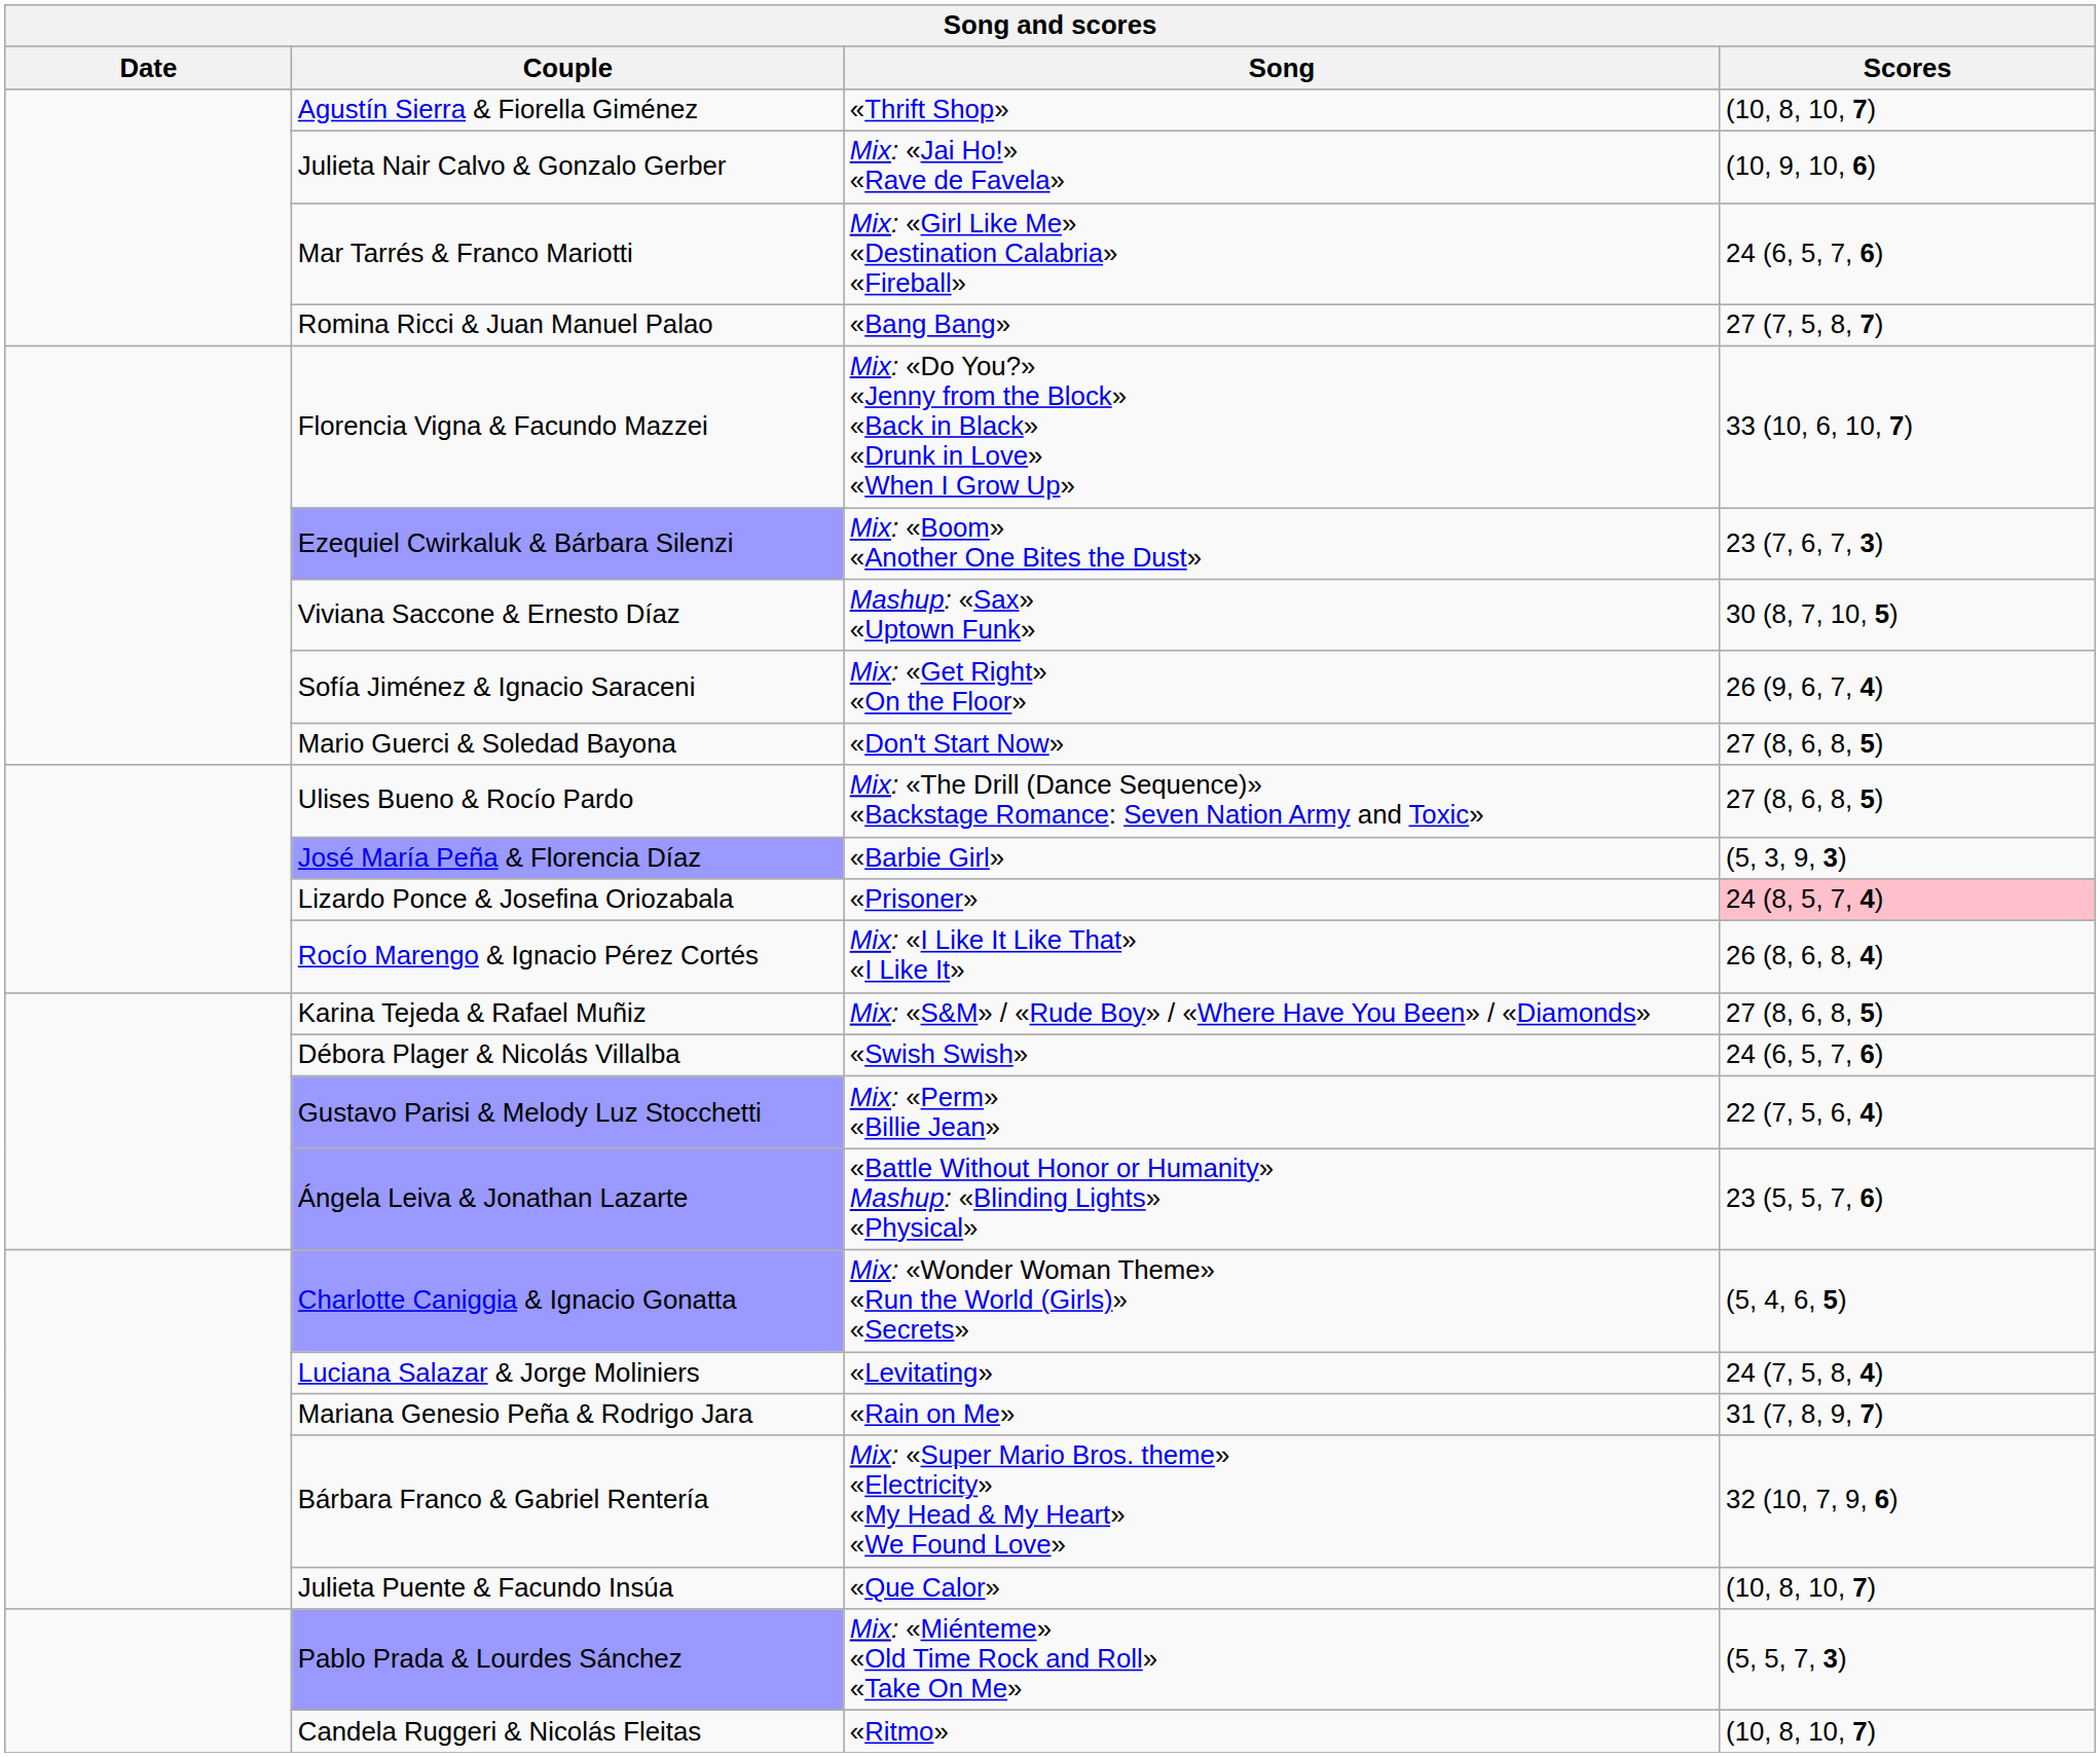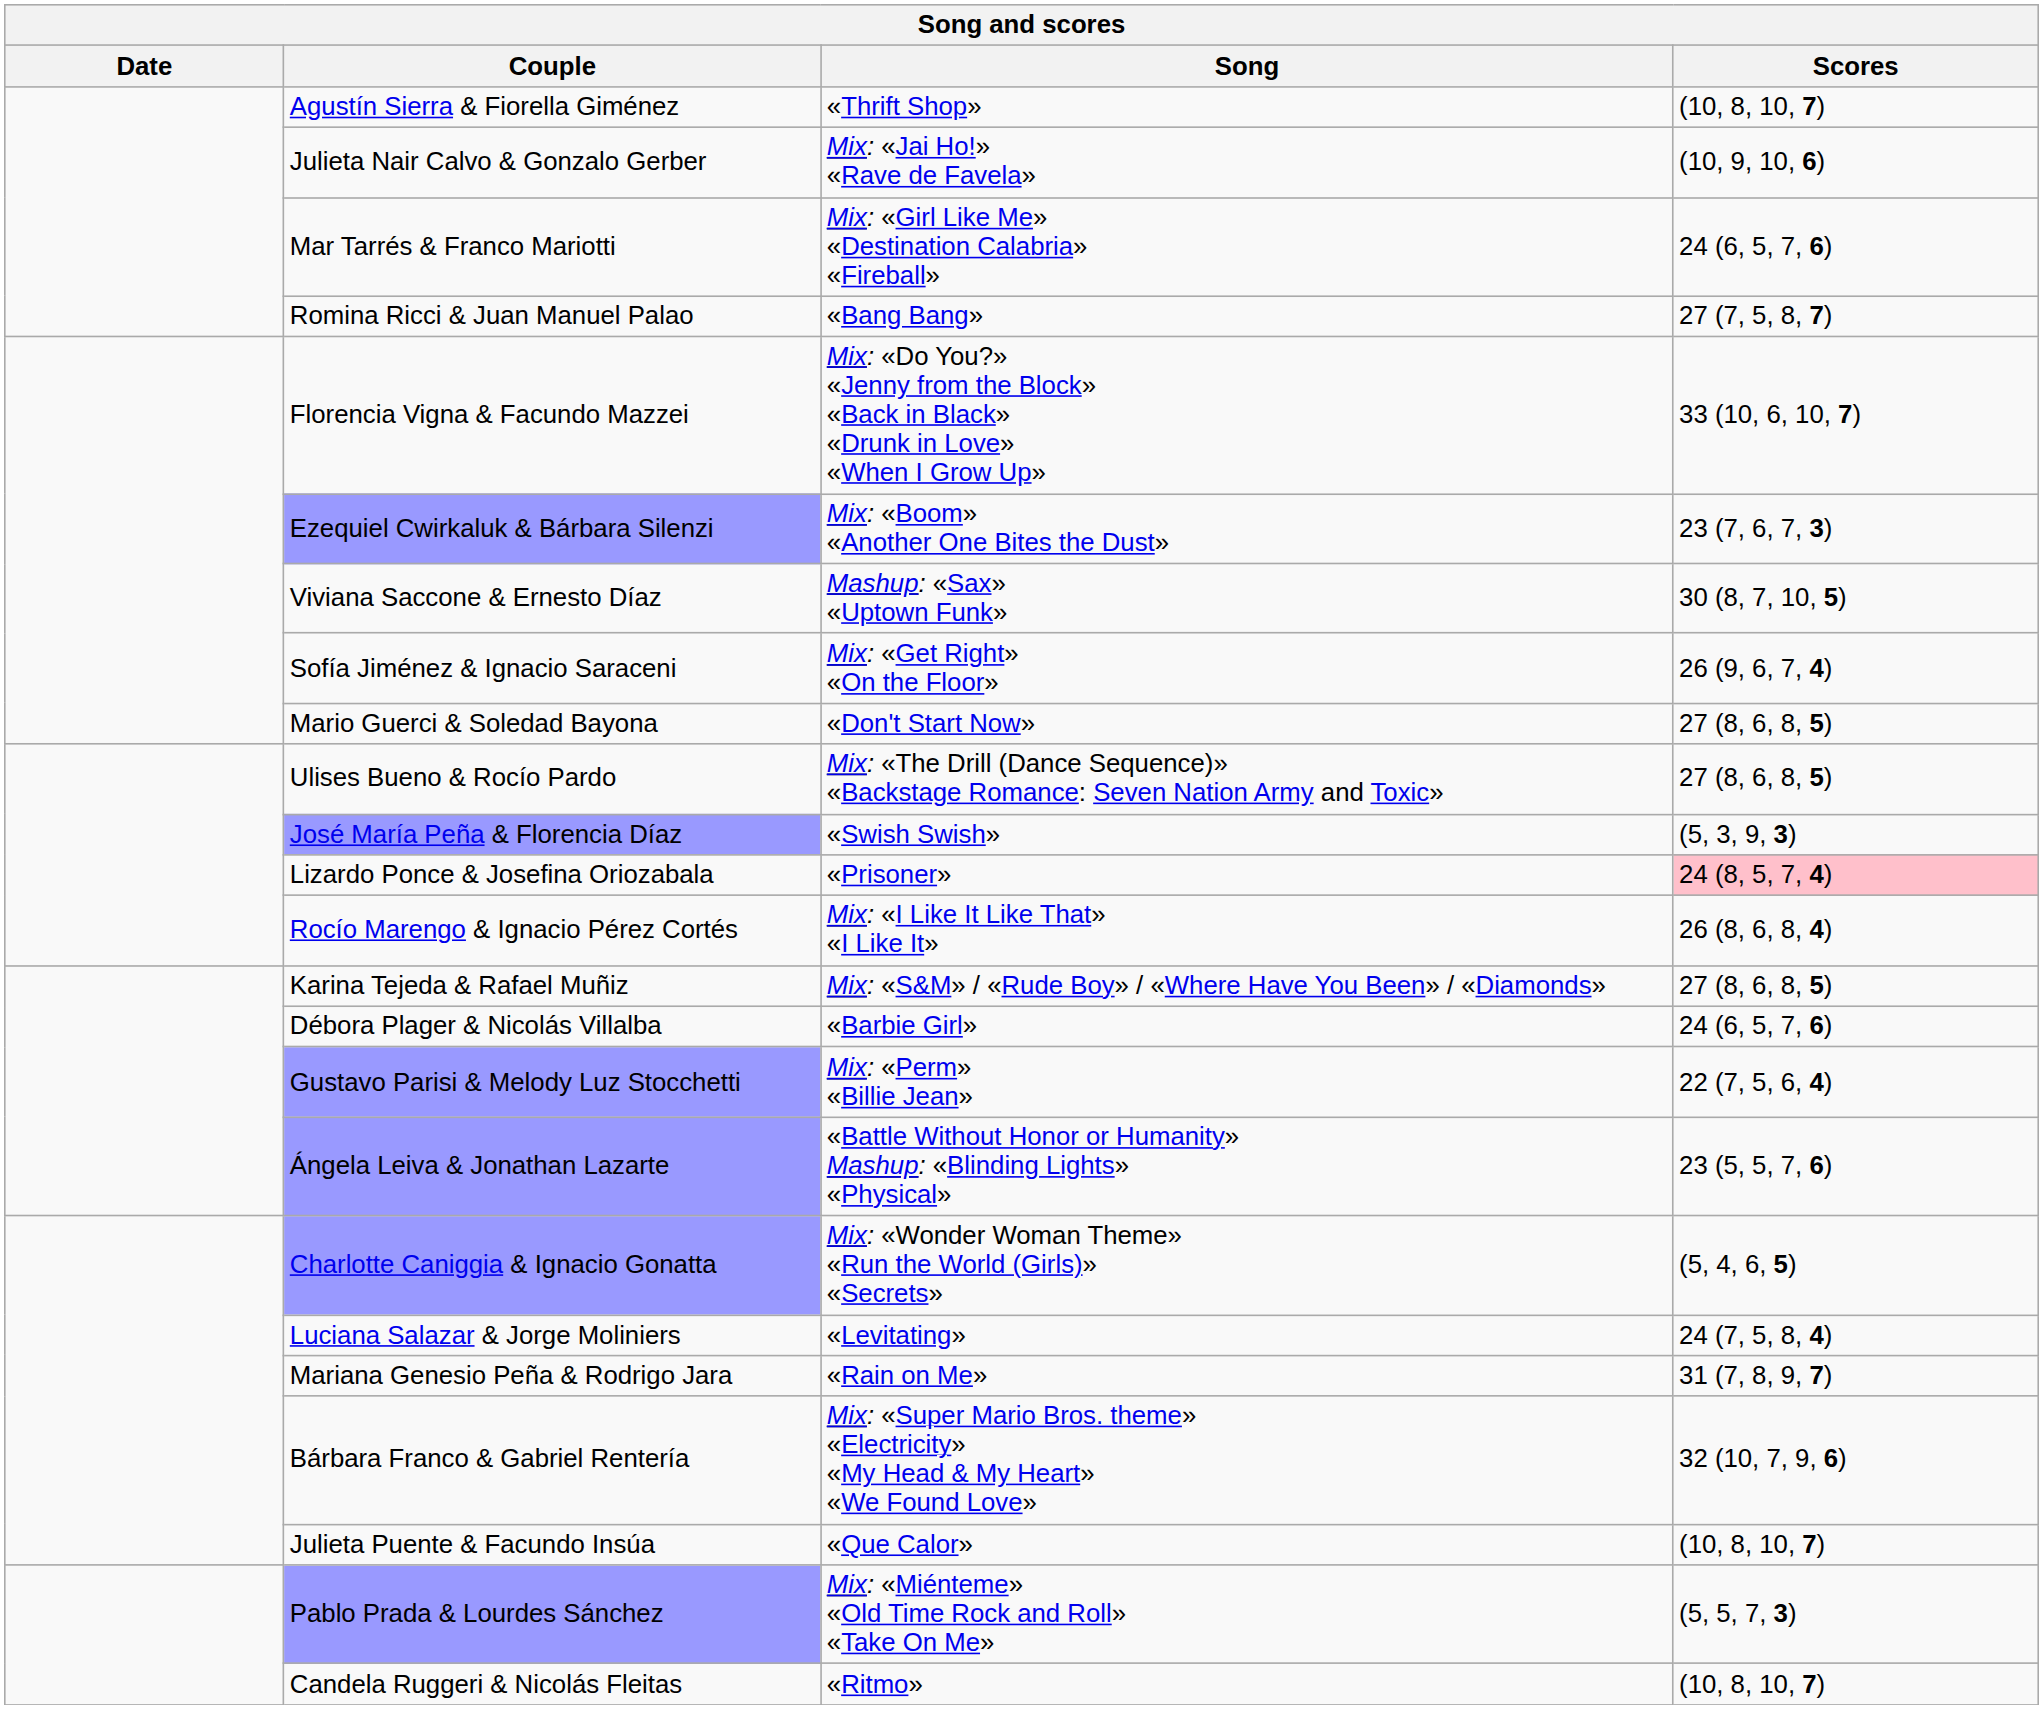 <table class="wikitable collapsible collapsed" style="text-align: align; width: 100%">
 <tr>
 <th colspan="11" style="with: 100%" align="center">Song and scores</th>
 </tr>
 <tr>
 <th width=90>Date</th>
 <th width=180>Couple</th>
 <th width=290>Song</th>
 <th width=120>Scores</th>
 </tr>
 <tr>
 <td rowspan="4"></td>
 <td><a href='#'>Agustín Sierra</a> & Fiorella Giménez</td>
 <td>«<a href='#'>Thrift Shop</a>» </td>
 <td> (10, 8, 10, <strong>7</strong>)</td>
 </tr>
 <tr>
 <td>Julieta Nair Calvo & Gonzalo Gerber</td>
 <td><em><u><a href='#'>Mix</a></u>:</em> «<a href='#'>Jai Ho!</a>» <br>«<a href='#'>Rave de Favela</a>» </td>
 <td> (10, 9, 10, <strong>6</strong>)</td>
 </tr>
 <tr>
 <td>Mar Tarrés & Franco Mariotti</td>
 <td><em><u><a href='#'>Mix</a></u>:</em> «<a href='#'>Girl Like Me</a>» <br>«<a href='#'>Destination Calabria</a>» <br>«<a href='#'>Fireball</a>» </td>
 <td>24 (6, 5, 7, <strong>6</strong>)</td>
 </tr>
 <tr>
 <td>Romina Ricci & Juan Manuel Palao</td>
 <td>«<a href='#'>Bang Bang</a>» </td>
 <td>27 (7, 5, 8, <strong>7</strong>)</td>
 </tr>
 <tr>
 <td rowspan="5"></td>
 <td>Florencia Vigna & Facundo Mazzei</td>
 <td><em><u><a href='#'>Mix</a></u>:</em> «Do You?» <br>«<a href='#'>Jenny from the Block</a>» <br>«<a href='#'>Back in Black</a>» <br>«<a href='#'>Drunk in Love</a>»  <br>«<a href='#'>When I Grow Up</a>» </td>
 <td>33 (10, 6, 10, <strong>7</strong>)</td>
 </tr>
 <tr>
 <td bgcolor="#9999FF">Ezequiel Cwirkaluk & Bárbara Silenzi</td>
 <td><em><u><a href='#'>Mix</a></u>:</em> «<a href='#'>Boom</a>» <br>«<a href='#'>Another One Bites the Dust</a>» </td>
 <td>23 (7, 6, 7, <strong>3</strong>)</td>
 </tr>
 <tr>
 <td>Viviana Saccone & Ernesto Díaz</td>
 <td><em><u><a href='#'>Mashup</a></u>:</em> «<a href='#'>Sax</a>» <br>«<a href='#'>Uptown Funk</a>» </td>
 <td>30 (8, 7, 10, <strong>5</strong>)</td>
 </tr>
 <tr>
 <td>Sofía Jiménez & Ignacio Saraceni</td>
 <td><em><u><a href='#'>Mix</a></u>:</em> «<a href='#'>Get Right</a>» <br>«<a href='#'>On the Floor</a>» </td>
 <td>26 (9, 6, 7, <strong>4</strong>)</td>
 </tr>
 <tr>
 <td>Mario Guerci & Soledad Bayona</td>
 <td>«<a href='#'>Don't Start Now</a>» </td>
 <td>27 (8, 6, 8, <strong>5</strong>)</td>
 </tr>
 <tr>
 <td rowspan="4"></td>
 <td>Ulises Bueno & Rocío Pardo</td>
 <td><em><u><a href='#'>Mix</a></u>:</em> «The Drill (Dance Sequence)» <br>«<a href='#'>Backstage Romance</a>: <a href='#'>Seven Nation Army</a> and <a href='#'>Toxic</a>» </td>
 <td>27 (8, 6, 8, <strong>5</strong>)</td>
 </tr>
 <tr>
 <td bgcolor="#9999FF"><a href='#'>José María Peña</a> & Florencia Díaz</td>
-<td>«<a href='#'>Barbie Girl</a>» </td>
+<td>«<a href='#'>Swish Swish</a>» </td>
 <td> (5, 3, 9, <strong>3</strong>)</td>
 </tr>
 <tr>
 <td>Lizardo Ponce & Josefina Oriozabala</td>
 <td>«<a href='#'>Prisoner</a>» </td>
 <td style="background: pink;">24 (8, 5, 7, <strong>4</strong>)</td>
 </tr>
 <tr>
 <td><a href='#'>Rocío Marengo</a> & Ignacio Pérez Cortés</td>
 <td><em><u><a href='#'>Mix</a></u>:</em> «<a href='#'>I Like It Like That</a>» <br>«<a href='#'>I Like It</a>» </td>
 <td>26 (8, 6, 8, <strong>4</strong>)</td>
 </tr>
 <tr>
 <td rowspan="4"></td>
 <td>Karina Tejeda & Rafael Muñiz</td>
 <td><em><u><a href='#'>Mix</a></u>:</em> «<a href='#'>S&M</a>» / «<a href='#'>Rude Boy</a>» / «<a href='#'>Where Have You Been</a>» / «<a href='#'>Diamonds</a>» </td>
 <td>27 (8, 6, 8, <strong>5</strong>)</td>
 </tr>
 <tr>
 <td>Débora Plager & Nicolás Villalba</td>
-<td>«<a href='#'>Swish Swish</a>» </td>
+<td>«<a href='#'>Barbie Girl</a>» </td>
 <td>24 (6, 5, 7, <strong>6</strong>)</td>
 </tr>
 <tr>
 <td bgcolor="#9999FF">Gustavo Parisi & Melody Luz Stocchetti</td>
 <td><em><u><a href='#'>Mix</a></u>:</em> «<a href='#'>Perm</a>» <br>«<a href='#'>Billie Jean</a>» </td>
 <td>22 (7, 5, 6, <strong>4</strong>)</td>
 </tr>
 <tr>
 <td bgcolor="#9999FF">Ángela Leiva & Jonathan Lazarte</td>
 <td>«<a href='#'>Battle Without Honor or Humanity</a>» <br><em><u><a href='#'>Mashup</a></u>:</em> «<a href='#'>Blinding Lights</a>» <br>«<a href='#'>Physical</a>» </td>
 <td>23 (5, 5, 7, <strong>6</strong>)</td>
 </tr>
 <tr>
 <td rowspan="5"></td>
 <td bgcolor="#9999FF"><a href='#'>Charlotte Caniggia</a> & Ignacio Gonatta</td>
 <td><em><u><a href='#'>Mix</a></u>:</em> «Wonder Woman Theme» <br>«<a href='#'>Run the World (Girls)</a>»  <br>«<a href='#'>Secrets</a>» </td>
 <td> (5, 4, 6, <strong>5</strong>)</td>
 </tr>
 <tr>
 <td><a href='#'>Luciana Salazar</a> & Jorge Moliniers</td>
 <td>«<a href='#'>Levitating</a>» </td>
 <td>24 (7, 5, 8, <strong>4</strong>)</td>
 </tr>
 <tr>
 <td>Mariana Genesio Peña & Rodrigo Jara</td>
 <td>«<a href='#'>Rain on Me</a>» </td>
 <td>31 (7, 8, 9, <strong>7</strong>)</td>
 </tr>
 <tr>
 <td>Bárbara Franco & Gabriel Rentería</td>
 <td><em><u><a href='#'>Mix</a></u>:</em> «<a href='#'>Super Mario Bros. theme</a>» <br>«<a href='#'>Electricity</a>» <br>«<a href='#'>My Head & My Heart</a>» <br>«<a href='#'>We Found Love</a>» </td>
 <td>32 (10, 7, 9, <strong>6</strong>)</td>
 </tr>
 <tr>
 <td>Julieta Puente & Facundo Insúa</td>
 <td>«<a href='#'>Que Calor</a>» </td>
 <td> (10, 8, 10, <strong>7</strong>)</td>
 </tr>
 <tr>
 <td rowspan="2"></td>
 <td bgcolor="#9999FF">Pablo Prada & Lourdes Sánchez</td>
 <td><em><u><a href='#'>Mix</a></u>:</em> «<a href='#'>Miénteme</a>» <br>«<a href='#'>Old Time Rock and Roll</a>» <br>«<a href='#'>Take On Me</a>» </td>
 <td> (5, 5, 7, <strong>3</strong>)</td>
 </tr>
 <tr>
 <td>Candela Ruggeri & Nicolás Fleitas</td>
 <td>«<a href='#'>Ritmo</a>» </td>
 <td> (10, 8, 10, <strong>7</strong>)</td>
 </tr>
 </table>
